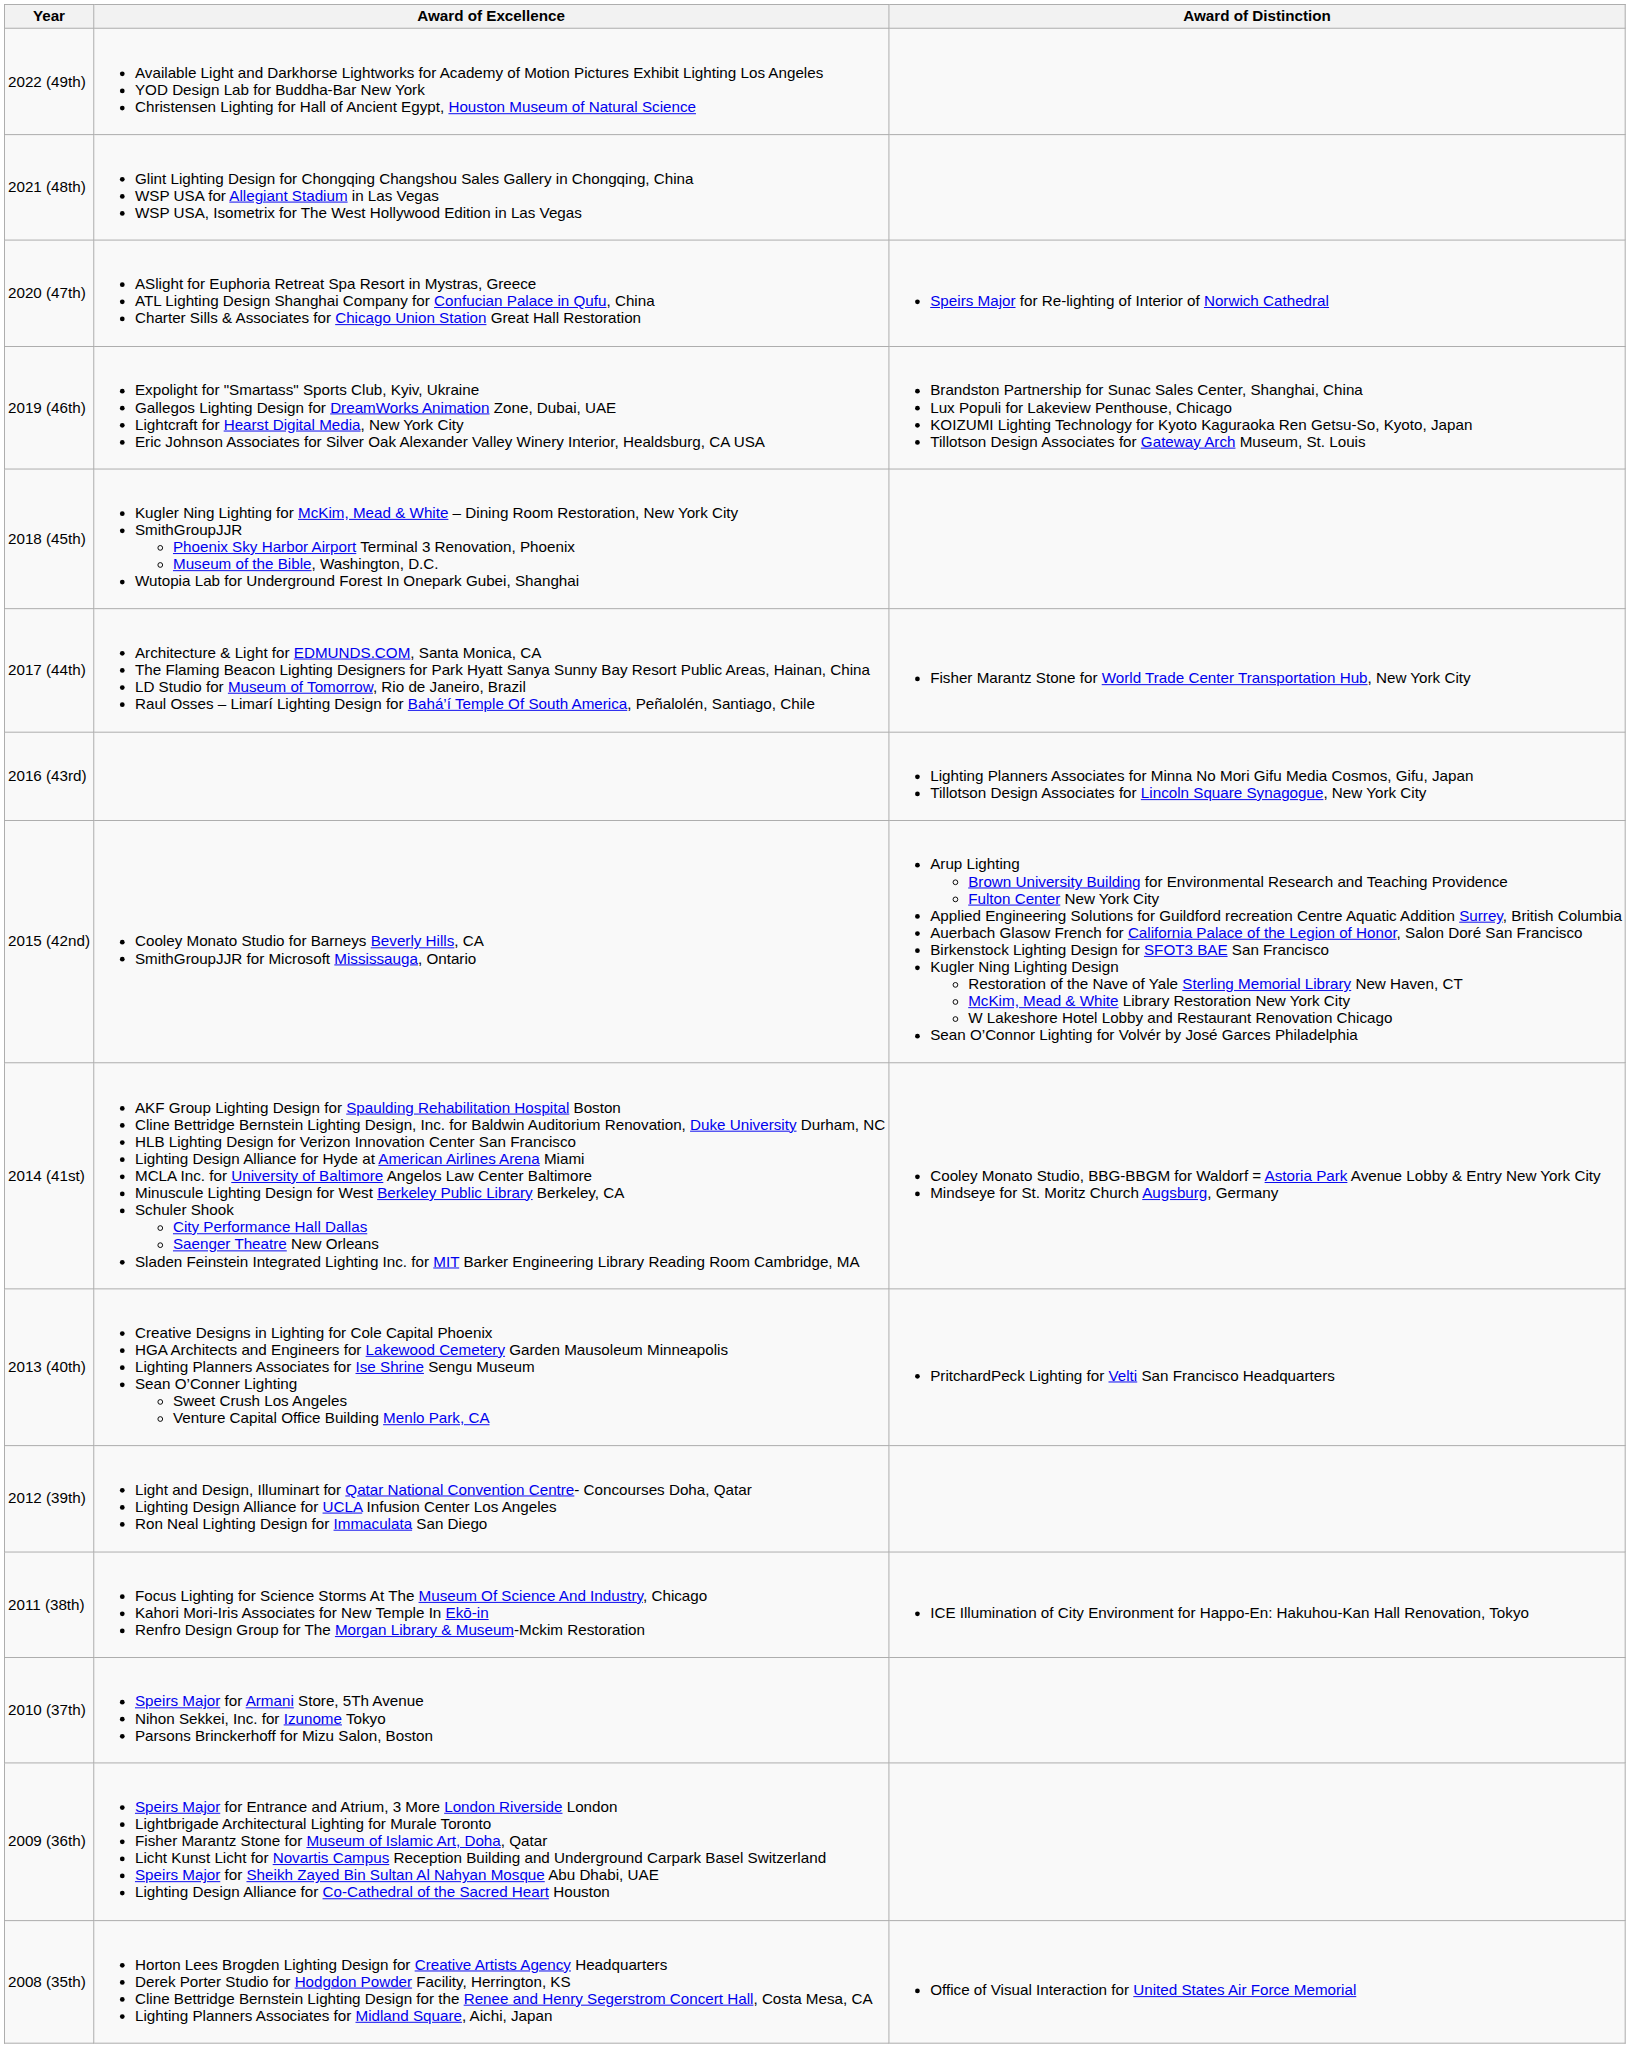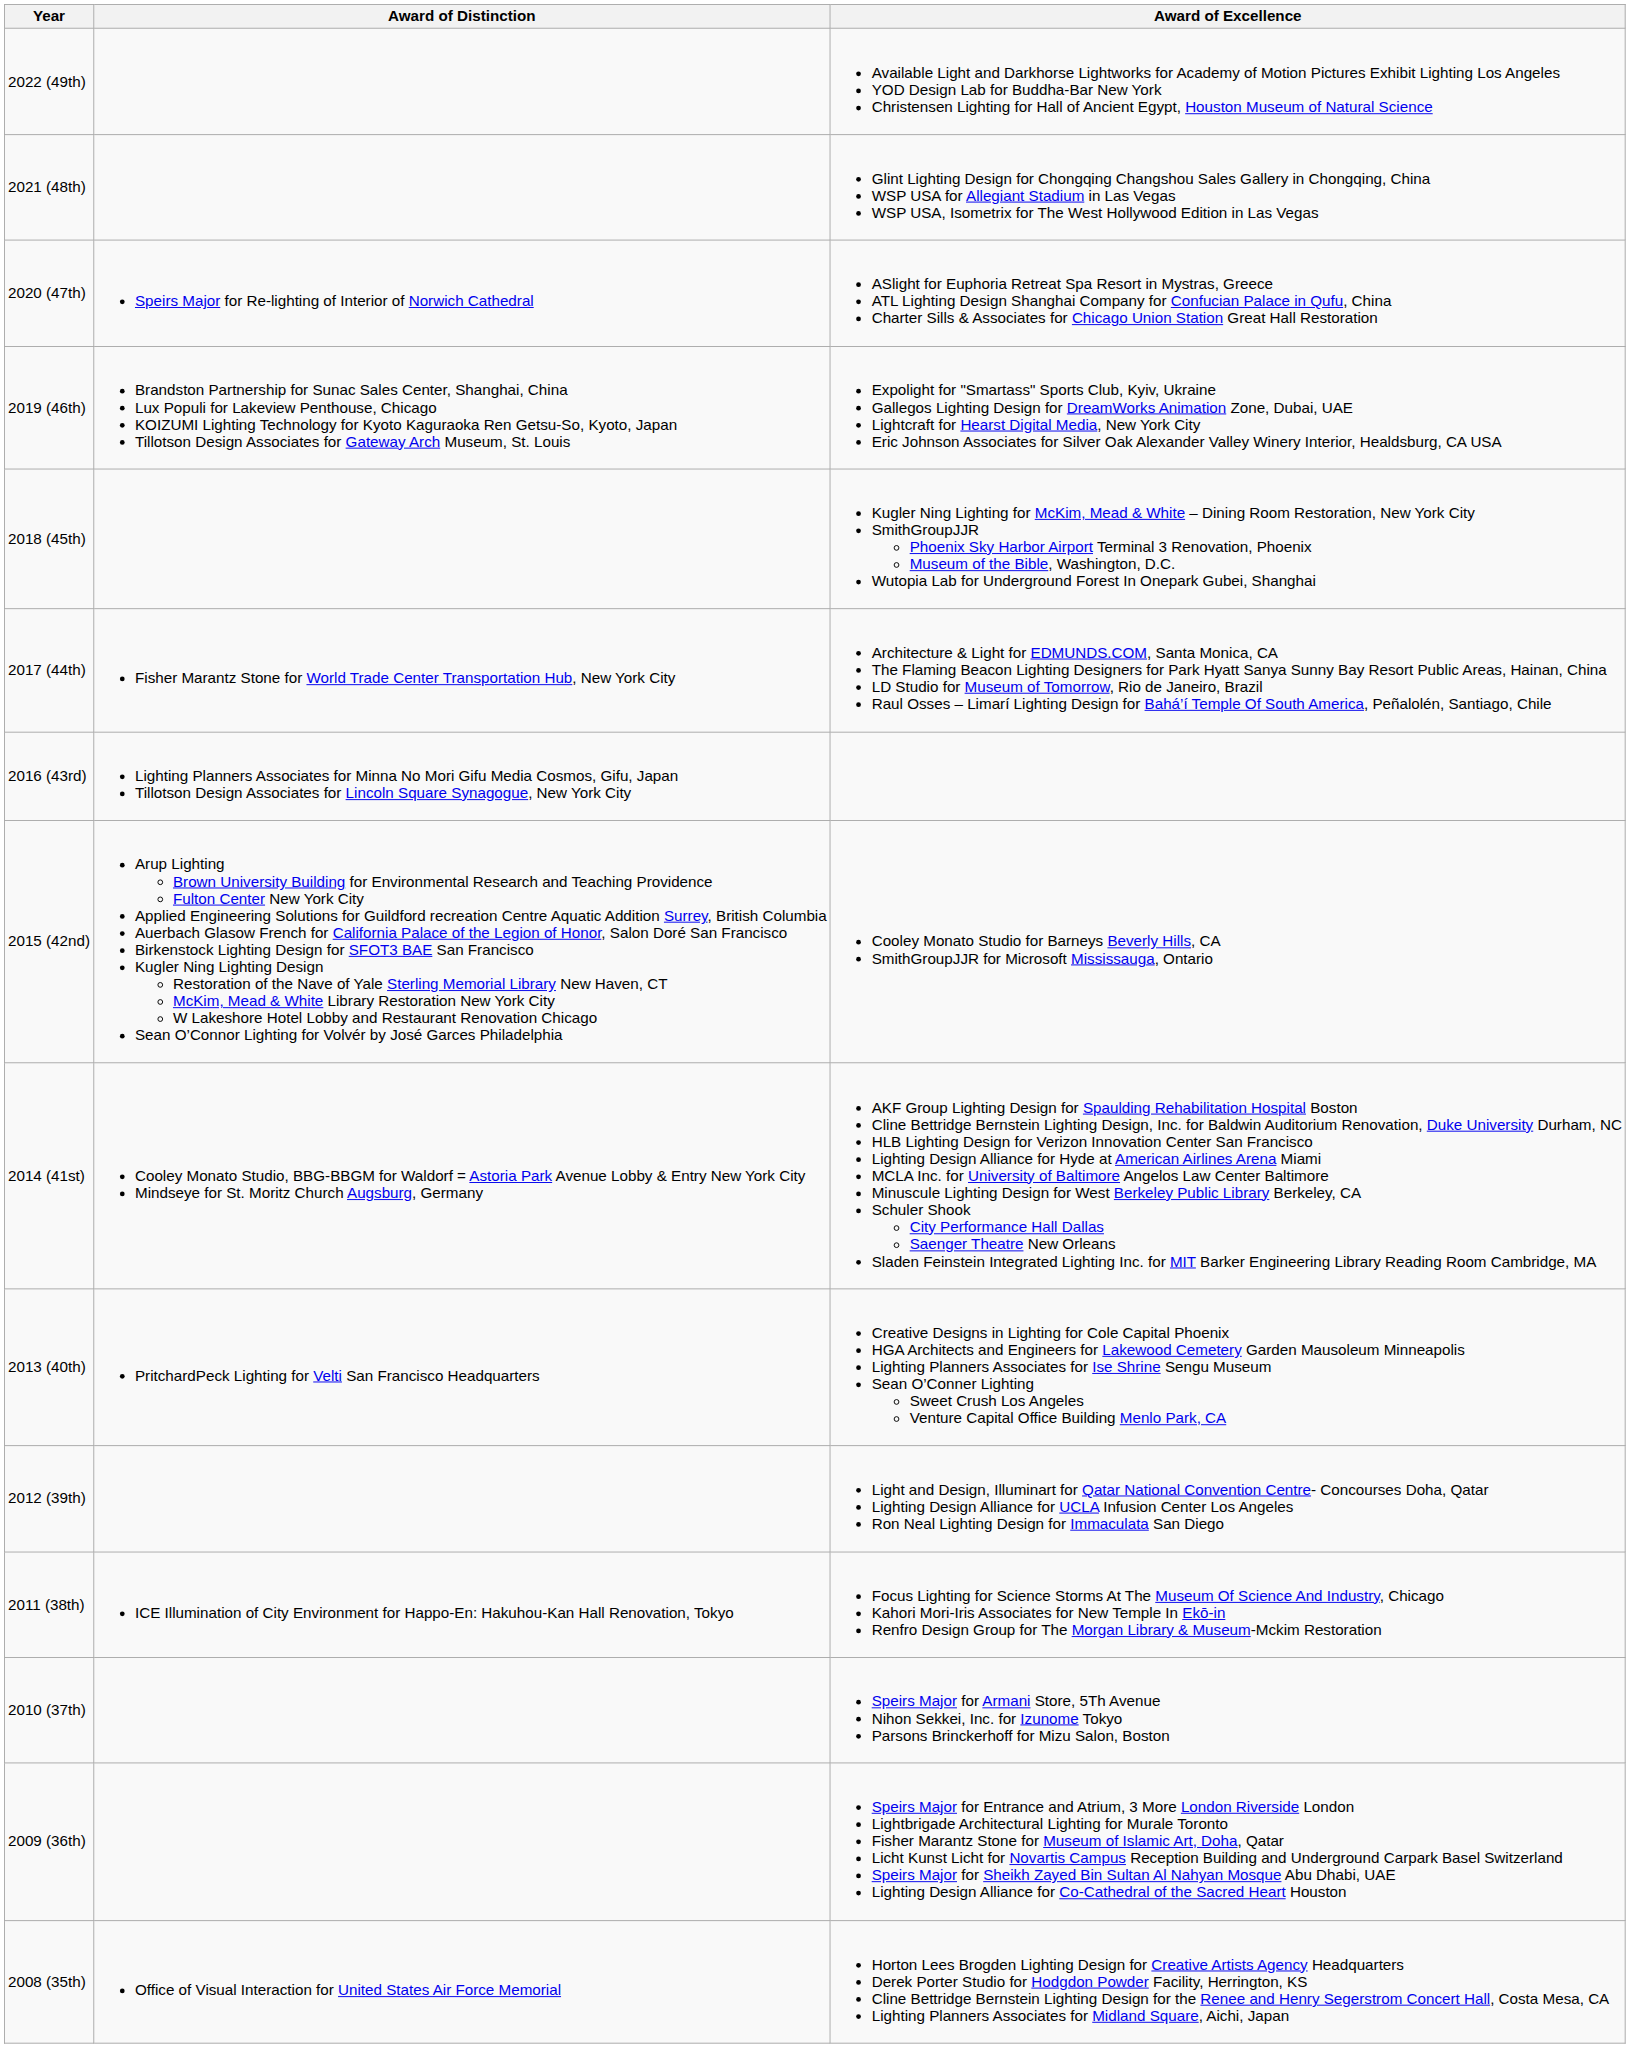 <table class="wikitable">
 <tr ->
 <th>Year</th>
+<th> Award of Distinction</th>
 <th> Award of Excellence</th>
-<th> Award of Distinction</th>
 </tr>
 <tr>
 <td>2022 (49th)</td>
+<td></td>
 <td><br><ul><li>Available Light and Darkhorse Lightworks for Academy of Motion Pictures Exhibit Lighting Los Angeles</li><li>YOD Design Lab for Buddha-Bar New York</li><li>Christensen Lighting for Hall of Ancient Egypt, <a href='#'>Houston Museum of Natural Science</a></li></ul></td>
+</tr>
+<tr>
+<td>2021 (48th)</td>
+<td></td>
+<td><br><ul><li>Glint Lighting Design for Chongqing Changshou Sales Gallery in Chongqing, China</li><li>WSP USA for <a href='#'>Allegiant Stadium</a> in Las Vegas</li><li>WSP USA, Isometrix for The West Hollywood Edition in Las Vegas</li></ul></td>
+</tr>
+<tr>
+<td>2020 (47th)</td>
+<td><br><ul><li><a href='#'>Speirs Major</a> for Re-lighting of Interior of <a href='#'>Norwich Cathedral</a></li></ul></td>
+<td><br><ul><li>ASlight for Euphoria Retreat Spa Resort in Mystras, Greece</li><li>ATL Lighting Design Shanghai Company for <a href='#'>Confucian Palace in Qufu</a>, China</li><li>Charter Sills & Associates for <a href='#'>Chicago Union Station</a> Great Hall Restoration</li></ul></td>
+</tr>
+<tr>
+<td>2019 (46th)</td>
+<td><br><ul><li>Brandston Partnership for Sunac Sales Center, Shanghai, China</li><li>Lux Populi for Lakeview Penthouse, Chicago</li><li>KOIZUMI Lighting Technology for Kyoto Kaguraoka Ren Getsu-So, Kyoto, Japan</li><li>Tillotson Design Associates for <a href='#'>Gateway Arch</a> Museum, St. Louis</li></ul></td>
+<td><br><ul><li>Expolight for "Smartass" Sports Club, Kyiv, Ukraine</li><li>Gallegos Lighting Design for <a href='#'>DreamWorks Animation</a> Zone, Dubai, UAE</li><li>Lightcraft for <a href='#'>Hearst Digital Media</a>, New York City</li><li>Eric Johnson Associates for Silver Oak Alexander Valley Winery Interior, Healdsburg, CA USA</li></ul></td>
+</tr>
+<tr>
+<td>2018 (45th)</td>
+<td></td>
+<td><br><ul><li>Kugler Ning Lighting for <a href='#'>McKim, Mead & White</a> – Dining Room Restoration, New York City</li><li>SmithGroupJJR<ul><li><a href='#'>Phoenix Sky Harbor Airport</a> Terminal 3 Renovation, Phoenix</li><li><a href='#'>Museum of the Bible</a>, Washington, D.C.</li></ul></li><li>Wutopia Lab for Underground Forest In Onepark Gubei, Shanghai</li></ul></td>
+</tr>
+<tr>
+<td>2017 (44th)</td>
+<td><br><ul><li>Fisher Marantz Stone for <a href='#'>World Trade Center Transportation Hub</a>, New York City</li></ul></td>
+<td><br><ul><li>Architecture & Light for <a href='#'>EDMUNDS.COM</a>, Santa Monica, CA</li><li>The Flaming Beacon Lighting Designers for Park Hyatt Sanya Sunny Bay Resort Public Areas, Hainan, China</li><li>LD Studio for <a href='#'>Museum of Tomorrow</a>, Rio de Janeiro, Brazil</li><li>Raul Osses – Limarí Lighting Design for <a href='#'>Bahá’í Temple Of South America</a>, Peñalolén, Santiago, Chile</li></ul></td>
+</tr>
+<tr>
+<td>2016 (43rd)</td>
+<td><br><ul><li>Lighting Planners Associates for Minna No Mori Gifu Media Cosmos, Gifu, Japan</li><li>Tillotson Design Associates for <a href='#'>Lincoln Square Synagogue</a>, New York City</li></ul></td>
 <td></td>
 </tr>
 <tr>
-<td>2021 (48th)</td>
-<td><br><ul><li>Glint Lighting Design for Chongqing Changshou Sales Gallery in Chongqing, China</li><li>WSP USA for <a href='#'>Allegiant Stadium</a> in Las Vegas</li><li>WSP USA, Isometrix for The West Hollywood Edition in Las Vegas</li></ul></td>
-<td></td>
-</tr>
-<tr>
-<td>2020 (47th)</td>
-<td><br><ul><li>ASlight for Euphoria Retreat Spa Resort in Mystras, Greece</li><li>ATL Lighting Design Shanghai Company for <a href='#'>Confucian Palace in Qufu</a>, China</li><li>Charter Sills & Associates for <a href='#'>Chicago Union Station</a> Great Hall Restoration</li></ul></td>
-<td><br><ul><li><a href='#'>Speirs Major</a> for Re-lighting of Interior of <a href='#'>Norwich Cathedral</a></li></ul></td>
-</tr>
-<tr>
-<td>2019 (46th)</td>
-<td><br><ul><li>Expolight for "Smartass" Sports Club, Kyiv, Ukraine</li><li>Gallegos Lighting Design for <a href='#'>DreamWorks Animation</a> Zone, Dubai, UAE</li><li>Lightcraft for <a href='#'>Hearst Digital Media</a>, New York City</li><li>Eric Johnson Associates for Silver Oak Alexander Valley Winery Interior, Healdsburg, CA USA</li></ul></td>
-<td><br><ul><li>Brandston Partnership for Sunac Sales Center, Shanghai, China</li><li>Lux Populi for Lakeview Penthouse, Chicago</li><li>KOIZUMI Lighting Technology for Kyoto Kaguraoka Ren Getsu-So, Kyoto, Japan</li><li>Tillotson Design Associates for <a href='#'>Gateway Arch</a> Museum, St. Louis</li></ul></td>
-</tr>
-<tr>
-<td>2018 (45th)</td>
-<td><br><ul><li>Kugler Ning Lighting for <a href='#'>McKim, Mead & White</a> – Dining Room Restoration, New York City</li><li>SmithGroupJJR<ul><li><a href='#'>Phoenix Sky Harbor Airport</a> Terminal 3 Renovation, Phoenix</li><li><a href='#'>Museum of the Bible</a>, Washington, D.C.</li></ul></li><li>Wutopia Lab for Underground Forest In Onepark Gubei, Shanghai</li></ul></td>
-<td></td>
-</tr>
-<tr>
-<td>2017 (44th)</td>
-<td><br><ul><li>Architecture & Light for <a href='#'>EDMUNDS.COM</a>, Santa Monica, CA</li><li>The Flaming Beacon Lighting Designers for Park Hyatt Sanya Sunny Bay Resort Public Areas, Hainan, China</li><li>LD Studio for <a href='#'>Museum of Tomorrow</a>, Rio de Janeiro, Brazil</li><li>Raul Osses – Limarí Lighting Design for <a href='#'>Bahá’í Temple Of South America</a>, Peñalolén, Santiago, Chile</li></ul></td>
-<td><br><ul><li>Fisher Marantz Stone for <a href='#'>World Trade Center Transportation Hub</a>, New York City</li></ul></td>
-</tr>
-<tr>
-<td>2016 (43rd)</td>
-<td></td>
-<td><br><ul><li>Lighting Planners Associates for Minna No Mori Gifu Media Cosmos, Gifu, Japan</li><li>Tillotson Design Associates for <a href='#'>Lincoln Square Synagogue</a>, New York City</li></ul></td>
-</tr>
-<tr>
 <td>2015 (42nd)</td>
+<td><br><ul><li>Arup Lighting<ul><li><a href='#'>Brown University Building</a> for Environmental Research and Teaching Providence</li><li><a href='#'>Fulton Center</a> New York City</li></ul></li><li>Applied Engineering Solutions for Guildford recreation Centre Aquatic Addition <a href='#'>Surrey</a>, British Columbia</li><li>Auerbach Glasow French for <a href='#'>California Palace of the Legion of Honor</a>, Salon Doré San Francisco</li><li>Birkenstock Lighting Design for <a href='#'>SFOT3 BAE</a> San Francisco</li><li>Kugler Ning Lighting Design<ul><li>Restoration of the Nave of Yale <a href='#'>Sterling Memorial Library</a> New Haven, CT</li><li><a href='#'>McKim, Mead & White</a> Library Restoration New York City</li><li>W Lakeshore Hotel Lobby and Restaurant Renovation Chicago</li></ul></li><li>Sean O’Connor Lighting for Volvér by José Garces Philadelphia</li></ul></td>
 <td><br><ul><li>Cooley Monato Studio for Barneys <a href='#'>Beverly Hills</a>, CA</li><li>SmithGroupJJR for Microsoft <a href='#'>Mississauga</a>, Ontario</li></ul></td>
-<td><br><ul><li>Arup Lighting<ul><li><a href='#'>Brown University Building</a> for Environmental Research and Teaching Providence</li><li><a href='#'>Fulton Center</a> New York City</li></ul></li><li>Applied Engineering Solutions for Guildford recreation Centre Aquatic Addition <a href='#'>Surrey</a>, British Columbia</li><li>Auerbach Glasow French for <a href='#'>California Palace of the Legion of Honor</a>, Salon Doré San Francisco</li><li>Birkenstock Lighting Design for <a href='#'>SFOT3 BAE</a> San Francisco</li><li>Kugler Ning Lighting Design<ul><li>Restoration of the Nave of Yale <a href='#'>Sterling Memorial Library</a> New Haven, CT</li><li><a href='#'>McKim, Mead & White</a> Library Restoration New York City</li><li>W Lakeshore Hotel Lobby and Restaurant Renovation Chicago</li></ul></li><li>Sean O’Connor Lighting for Volvér by José Garces Philadelphia</li></ul></td>
 </tr>
 <tr>
 <td>2014 (41st)</td>
+<td><br><ul><li>Cooley Monato Studio, BBG-BBGM for Waldorf = <a href='#'>Astoria Park</a> Avenue Lobby & Entry New York City</li><li>Mindseye for St. Moritz Church <a href='#'>Augsburg</a>, Germany</li></ul></td>
 <td><br><ul><li>AKF Group Lighting Design for <a href='#'>Spaulding Rehabilitation Hospital</a> Boston</li><li>Cline Bettridge Bernstein Lighting Design, Inc. for Baldwin Auditorium Renovation, <a href='#'>Duke University</a> Durham, NC</li><li>HLB Lighting Design for Verizon Innovation Center San Francisco</li><li>Lighting Design Alliance for Hyde at <a href='#'>American Airlines Arena</a> Miami</li><li>MCLA Inc. for <a href='#'>University of Baltimore</a> Angelos Law Center Baltimore</li><li>Minuscule Lighting Design for West <a href='#'>Berkeley Public Library</a> Berkeley, CA</li><li>Schuler Shook<ul><li><a href='#'>City Performance Hall Dallas</a></li><li><a href='#'>Saenger Theatre</a> New Orleans</li></ul></li><li>Sladen Feinstein Integrated Lighting Inc. for <a href='#'>MIT</a> Barker Engineering Library Reading Room Cambridge, MA</li></ul></td>
-<td><br><ul><li>Cooley Monato Studio, BBG-BBGM for Waldorf = <a href='#'>Astoria Park</a> Avenue Lobby & Entry New York City</li><li>Mindseye for St. Moritz Church <a href='#'>Augsburg</a>, Germany</li></ul></td>
 </tr>
 <tr>
 <td>2013 (40th)</td>
+<td><br><ul><li>PritchardPeck Lighting for <a href='#'>Velti</a> San Francisco Headquarters</li></ul></td>
 <td><br><ul><li>Creative Designs in Lighting for Cole Capital Phoenix</li><li>HGA Architects and Engineers for <a href='#'>Lakewood Cemetery</a> Garden Mausoleum Minneapolis</li><li>Lighting Planners Associates for <a href='#'>Ise Shrine</a> Sengu Museum</li><li>Sean O’Conner Lighting<ul><li>Sweet Crush Los Angeles</li><li>Venture Capital Office Building <a href='#'>Menlo Park, CA</a></li></ul></li></ul></td>
-<td><br><ul><li>PritchardPeck Lighting for <a href='#'>Velti</a> San Francisco Headquarters</li></ul></td>
 </tr>
 <tr>
 <td>2012 (39th)</td>
+<td></td>
 <td><br><ul><li>Light and Design, Illuminart for <a href='#'>Qatar National Convention Centre</a>- Concourses Doha, Qatar</li><li>Lighting Design Alliance for <a href='#'>UCLA</a> Infusion Center Los Angeles</li><li>Ron Neal Lighting Design for <a href='#'>Immaculata</a> San Diego</li></ul></td>
-<td></td>
 </tr>
 <tr>
 <td>2011 (38th)</td>
+<td><br><ul><li>ICE Illumination of City Environment for Happo-En: Hakuhou-Kan Hall Renovation, Tokyo</li></ul></td>
 <td><br><ul><li>Focus Lighting for Science Storms At The <a href='#'>Museum Of Science And Industry</a>, Chicago</li><li>Kahori Mori-Iris Associates for New Temple In <a href='#'>Ekō-in</a></li><li>Renfro Design Group for The <a href='#'>Morgan Library & Museum</a>-Mckim Restoration</li></ul></td>
-<td><br><ul><li>ICE Illumination of City Environment for Happo-En: Hakuhou-Kan Hall Renovation, Tokyo</li></ul></td>
 </tr>
 <tr>
 <td>2010 (37th)</td>
+<td></td>
 <td><br><ul><li><a href='#'>Speirs Major</a> for <a href='#'>Armani</a> Store, 5Th Avenue</li><li>Nihon Sekkei, Inc. for <a href='#'>Izunome</a> Tokyo</li><li>Parsons Brinckerhoff for Mizu Salon, Boston</li></ul></td>
-<td></td>
 </tr>
 <tr>
 <td>2009 (36th)</td>
+<td></td>
 <td><br><ul><li><a href='#'>Speirs Major</a> for Entrance and Atrium, 3 More <a href='#'>London Riverside</a> London</li><li>Lightbrigade Architectural Lighting for Murale Toronto</li><li>Fisher Marantz Stone for <a href='#'>Museum of Islamic Art, Doha</a>, Qatar</li><li>Licht Kunst Licht for <a href='#'>Novartis Campus</a> Reception Building and Underground Carpark Basel Switzerland</li><li><a href='#'>Speirs Major</a> for <a href='#'>Sheikh Zayed Bin Sultan Al Nahyan Mosque</a> Abu Dhabi, UAE</li><li>Lighting Design Alliance for <a href='#'>Co-Cathedral of the Sacred Heart</a> Houston</li></ul></td>
-<td></td>
 </tr>
 <tr>
 <td>2008 (35th)</td>
+<td><br><ul><li>Office of Visual Interaction for <a href='#'>United States Air Force Memorial</a></li></ul></td>
 <td><br><ul><li>Horton Lees Brogden Lighting Design for <a href='#'>Creative Artists Agency</a> Headquarters</li><li>Derek Porter Studio for <a href='#'>Hodgdon Powder</a> Facility, Herrington, KS</li><li>Cline Bettridge Bernstein Lighting Design for the <a href='#'>Renee and Henry Segerstrom Concert Hall</a>, Costa Mesa, CA</li><li>Lighting Planners Associates for <a href='#'>Midland Square</a>, Aichi, Japan</li></ul></td>
-<td><br><ul><li>Office of Visual Interaction for <a href='#'>United States Air Force Memorial</a></li></ul></td>
 </tr>
 </table>
